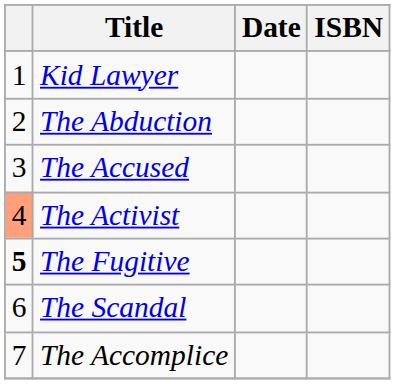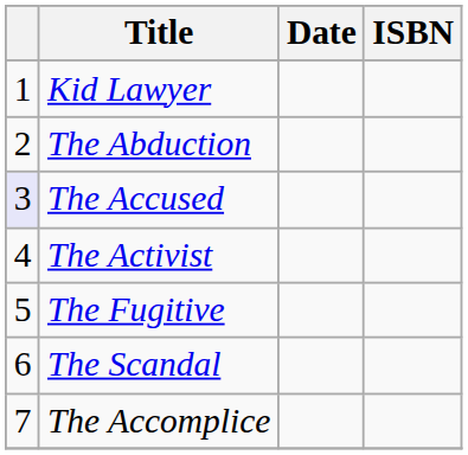 <table class="wikitable">
 <tr>
 <th></th>
 <th>Title</th>
 <th>Date</th>
 <th>ISBN</th>
 </tr>
 <tr>
 <td>1</td>
 <td><em><a href='#'>Kid Lawyer</a></em></td>
 <td></td>
 <td></td>
 </tr>
 <tr Martai smird kajas>
 <td>2</td>
 <td><em><a href='#'>The Abduction</a></em></td>
 <td></td>
 <td></td>
 </tr>
 <tr>
-<td>3</td>
+<td style="background: lavender;">3</td>
 <td><em><a href='#'>The Accused</a></em></td>
 <td></td>
 <td></td>
 </tr>
 <tr>
-<td style="background: lightsalmon;">4</td>
+<td>4</td>
 <td><em><a href='#'>The Activist</a></em></td>
 <td></td>
 <td></td>
 </tr>
 <tr>
-<td><strong>5</strong></td>
+<td>5</td>
 <td><em><a href='#'>The Fugitive</a></em></td>
 <td></td>
 <td></td>
 </tr>
 <tr>
 <td>6</td>
 <td><em><a href='#'>The Scandal</a></em></td>
 <td></td>
 <td></td>
 </tr>
 <tr>
 <td>7</td>
 <td><em>The Accomplice</em></td>
 <td></td>
 <td></td>
 </tr>
 <tr>
 </tr>
 </table>
